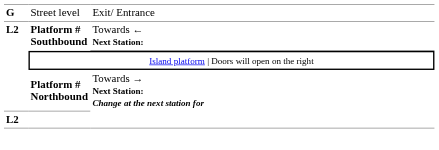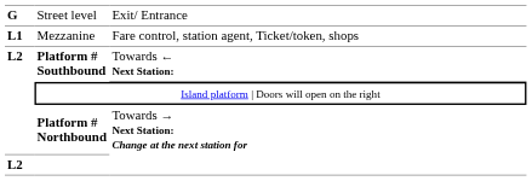 <table table border=0 cellspacing=0 cellpadding=3>
 <tr>
 <td style="border-top:solid 1px gray;border-bottom:solid 1px gray;" width=30 valign=top><strong>G</strong></td>
 <td style="border-top:solid 1px gray;border-bottom:solid 1px gray;" width=85 valign=top>Street level</td>
 <td style="border-top:solid 1px gray;border-bottom:solid 1px gray;" width=500 valign=top>Exit/ Entrance</td>
+</tr>
+<tr>
+<td style="border-bottom:solid 1px gray;"><strong>L1</strong></td>
+<td style="border-bottom:solid 1px gray;">Mezzanine</td>
+<td style="border-bottom:solid 1px gray;">Fare control, station agent, Ticket/token, shops</td>
 </tr>
 <tr>
 <td style="border-bottom:solid 1px gray;" width=30 rowspan=3 valign=top><strong>L2</strong></td>
 <td style="border-bottom:solid 1px white;" width=85><span><strong>Platform #</strong><br><strong>Southbound</strong></span></td>
 <td style="border-bottom:solid 1px gray;" width="500">Towards ← <br><small><strong>Next Station:</strong> </small></td>
 </tr>
 <tr>
 <td style="border-top:solid 2px black;border-right:solid 2px black;border-left:solid 2px black;border-bottom:solid 2px black;text-align:center;" colspan=2><small><a href='#'>Island platform</a> | Doors will open on the right </small></td>
 </tr>
 <tr>
 <td style="border-bottom:solid 1px gray;" width=85><span><strong>Platform #</strong><br><strong>Northbound</strong></span></td>
 <td style="border-bottom:solid 1px white;" width=500>Towards → <br><small><strong>Next Station:</strong> <br><strong><em>Change at the next station for </em></strong></small></td>
 </tr>
 <tr>
 <td style="border-bottom:solid 1px gray;" width=30 rowspan=2 valign=top><strong>L2</strong></td>
 <td style="border-bottom:solid 1px gray;" width=85></td>
 <td style="border-bottom:solid 1px gray;" width=500></td>
 </tr>
 </table>
